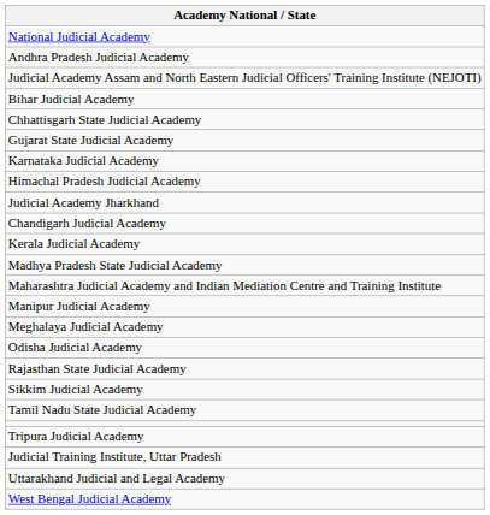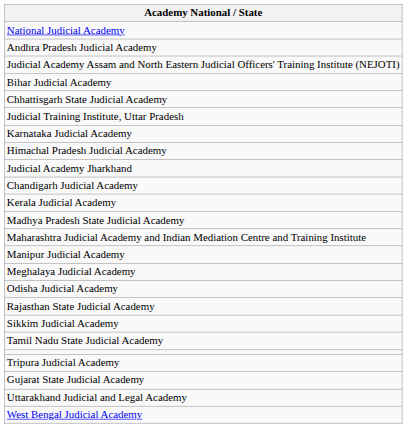 <table class="wikitable">
 <tr>
 <th>Academy National / State</th>
 </tr>
 <tr>
 <td><a href='#'>National Judicial Academy</a></td>
 </tr>
 <tr>
 <td>Andhra Pradesh Judicial Academy</td>
 </tr>
 <tr>
 <td>Judicial Academy Assam and North Eastern Judicial Officers' Training Institute (NEJOTI)</td>
 </tr>
 <tr>
 <td>Bihar Judicial Academy</td>
 </tr>
 <tr>
 <td>Chhattisgarh State Judicial Academy</td>
 </tr>
 <tr>
-<td>Gujarat State Judicial Academy</td>
+<td>Judicial Training Institute, Uttar Pradesh</td>
 </tr>
 <tr>
 <td>Karnataka Judicial Academy</td>
 </tr>
 <tr>
 <td>Himachal Pradesh Judicial Academy</td>
 </tr>
 <tr>
 <td>Judicial Academy Jharkhand</td>
 </tr>
 <tr>
 <td>Chandigarh Judicial Academy</td>
 </tr>
 <tr>
 <td>Kerala Judicial Academy</td>
 </tr>
 <tr>
 <td>Madhya Pradesh State Judicial Academy</td>
 </tr>
 <tr>
 <td>Maharashtra Judicial Academy and Indian Mediation Centre and Training Institute</td>
 </tr>
 <tr>
 <td>Manipur Judicial Academy</td>
 </tr>
 <tr>
 <td>Meghalaya Judicial Academy</td>
 </tr>
 <tr>
 <td>Odisha Judicial Academy</td>
 </tr>
 <tr>
 <td>Rajasthan State Judicial Academy</td>
 </tr>
 <tr>
 <td>Sikkim Judicial Academy</td>
 </tr>
 <tr>
 <td>Tamil Nadu State Judicial Academy</td>
 </tr>
 <tr>
 <td></td>
 </tr>
 <tr>
 <td>Tripura Judicial Academy</td>
 </tr>
 <tr>
-<td>Judicial Training Institute, Uttar Pradesh</td>
+<td>Gujarat State Judicial Academy</td>
 </tr>
 <tr>
 <td>Uttarakhand Judicial and Legal Academy</td>
 </tr>
 <tr>
 <td><a href='#'>West Bengal Judicial Academy</a></td>
 </tr>
 </table>
